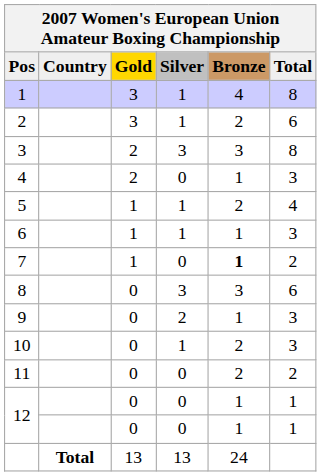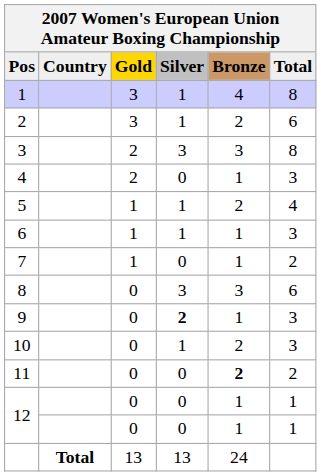 <table class="wikitable">
 <tr>
 <th colspan=7 style="border-right:0px;";><strong>2007 Women's European Union<br>Amateur Boxing Championship</strong></th>
 </tr>
 <tr bgcolor="#efefef">
 <td><strong>Pos</strong></td>
 <td><strong>Country</strong></td>
 <td bgcolor="gold"><strong>Gold</strong></td>
 <td bgcolor="silver"><strong>Silver</strong></td>
 <td bgcolor="CC9966"><strong>Bronze</strong></td>
 <td><strong>Total</strong></td>
 </tr>
 <tr bgcolor="#CCCCFF" align="center">
 <td>1</td>
 <td align="left"></td>
 <td>3</td>
 <td>1</td>
 <td>4</td>
 <td>8</td>
 </tr>
 <tr bgcolor="#FFFFFF" align="center">
 <td>2</td>
 <td align="left"></td>
 <td>3</td>
 <td>1</td>
 <td>2</td>
 <td>6</td>
 </tr>
 <tr bgcolor="#FFFFFF" align="center">
 <td>3</td>
 <td align="left"></td>
 <td>2</td>
 <td>3</td>
 <td>3</td>
 <td>8</td>
 </tr>
 <tr bgcolor="#FFFFFF" align="center">
 <td>4</td>
 <td align="left"></td>
 <td>2</td>
 <td>0</td>
 <td>1</td>
 <td>3</td>
 </tr>
 <tr bgcolor="#FFFFFF" align="center">
 <td>5</td>
 <td align="left"></td>
 <td>1</td>
 <td>1</td>
 <td>2</td>
 <td>4</td>
 </tr>
 <tr bgcolor="#FFFFFF" align="center">
 <td>6</td>
 <td align="left"></td>
 <td>1</td>
 <td>1</td>
 <td>1</td>
 <td>3</td>
 </tr>
 <tr bgcolor="#FFFFFF" align="center">
 <td>7</td>
 <td align="left"></td>
 <td>1</td>
 <td>0</td>
-<td><strong>1</strong></td>
+<td>1</td>
 <td>2</td>
 </tr>
 <tr bgcolor="#FFFFFF" align="center">
 <td>8</td>
 <td align="left"></td>
 <td>0</td>
 <td>3</td>
 <td>3</td>
 <td>6</td>
 </tr>
 <tr bgcolor="#FFFFFF" align="center">
 <td>9</td>
 <td align="left"></td>
 <td>0</td>
-<td>2</td>
+<td><strong>2</strong></td>
 <td>1</td>
 <td>3</td>
 </tr>
 <tr bgcolor="#FFFFFF" align="center">
 <td>10</td>
 <td align="left"></td>
 <td>0</td>
 <td>1</td>
 <td>2</td>
 <td>3</td>
 </tr>
 <tr bgcolor="#FFFFFF" align="center">
 <td>11</td>
 <td align="left"></td>
 <td>0</td>
 <td>0</td>
-<td>2</td>
+<td><strong>2</strong></td>
 <td>2</td>
 </tr>
 <tr bgcolor="#FFFFFF" align="center">
 <td rowspan=2>12</td>
 <td align="left"></td>
 <td>0</td>
 <td>0</td>
 <td>1</td>
 <td>1</td>
 </tr>
 <tr bgcolor="#FFFFFF" align="center">
 <td align="left"></td>
 <td>0</td>
 <td>0</td>
 <td>1</td>
 <td>1</td>
 </tr>
 <tr bgcolor="#FFFFFF" align="center">
 <td></td>
 <td align="center"><strong>Total</strong></td>
 <td>13</td>
 <td>13</td>
 <td>24</td>
 <td></td>
 </tr>
 </table>
